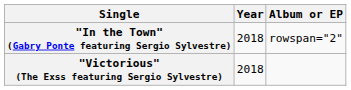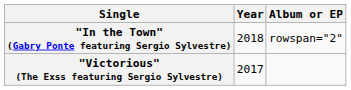 <table class="wikitable plainrowheaders" style="text-align:center;">
 <tr>
 <th scope="col">Single</th>
 <th scope="col">Year</th>
 <th scope="col">Album or EP</th>
 </tr>
 <tr>
 <th scope="row">"In the Town"<br><small>(<a href='#'>Gabry Ponte</a> featuring Sergio Sylvestre)</small></th>
 <td>2018</td>
 <td>rowspan="2" </td>
 </tr>
 <tr>
 <th scope="row">"Victorious"<br><small>(The Exss featuring Sergio Sylvestre)</small></th>
-<td>2018</td>
+<td>2017</td>
 </tr>
 </table>
